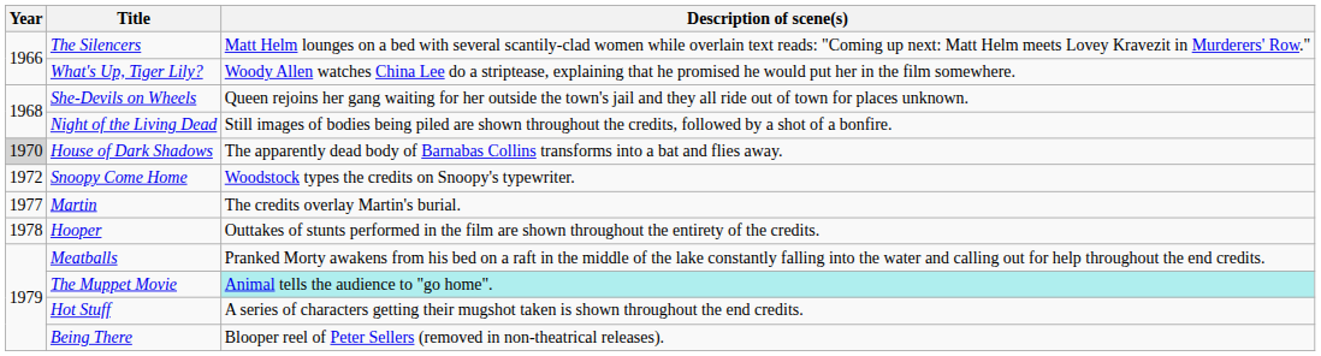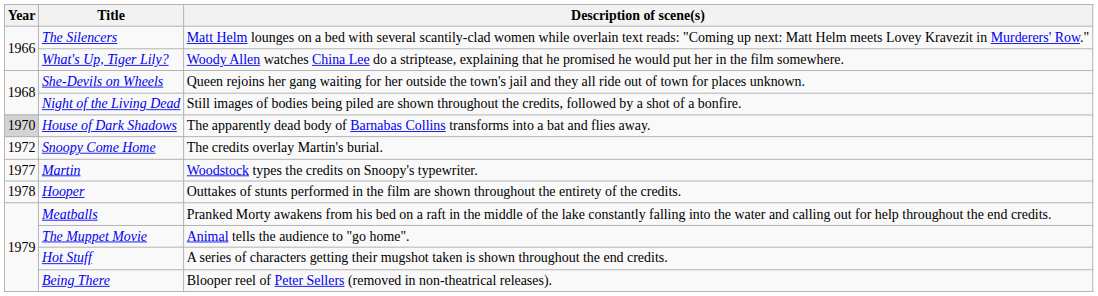 <table class="wikitable">
 <tr>
 <th>Year</th>
 <th>Title</th>
 <th>Description of scene(s)</th>
 </tr>
 <tr id="1966">
 <td rowspan="2">1966</td>
 <td><em><a href='#'>The Silencers</a></em></td>
 <td><a href='#'>Matt Helm</a> lounges on a bed with several scantily-clad women while overlain text reads: "Coming up next: Matt Helm meets Lovey Kravezit in <a href='#'>Murderers' Row</a>."</td>
 </tr>
 <tr>
 <td><em><a href='#'>What's Up, Tiger Lily?</a></em></td>
 <td><a href='#'>Woody Allen</a> watches <a href='#'>China Lee</a> do a striptease, explaining that he promised he would put her in the film somewhere.</td>
 </tr>
 <tr id="1968">
 <td rowspan="2">1968</td>
 <td><em><a href='#'>She-Devils on Wheels</a></em></td>
 <td>Queen rejoins her gang waiting for her outside the town's jail and they all ride out of town for places unknown.</td>
 </tr>
 <tr>
 <td><em><a href='#'>Night of the Living Dead</a></em></td>
 <td>Still images of bodies being piled are shown throughout the credits, followed by a shot of a bonfire.</td>
 </tr>
 <tr id="1970">
 <td style="background: lightgrey;">1970</td>
 <td><em><a href='#'>House of Dark Shadows</a></em></td>
 <td>The apparently dead body of <a href='#'>Barnabas Collins</a> transforms into a bat and flies away.</td>
 </tr>
 <tr id="1972">
 <td>1972</td>
 <td><em><a href='#'>Snoopy Come Home</a></em></td>
-<td><a href='#'>Woodstock</a> types the credits on Snoopy's typewriter.</td>
+<td>The credits overlay Martin's burial.</td>
 </tr>
 <tr id="1977">
 <td>1977</td>
 <td><em><a href='#'>Martin</a></em></td>
-<td>The credits overlay Martin's burial.</td>
+<td><a href='#'>Woodstock</a> types the credits on Snoopy's typewriter.</td>
 </tr>
 <tr id="1978">
 <td>1978</td>
 <td><em><a href='#'>Hooper</a></em></td>
 <td>Outtakes of stunts performed in the film are shown throughout the entirety of the credits.</td>
 </tr>
 <tr id="1979">
 <td rowspan="4">1979</td>
 <td><em><a href='#'>Meatballs</a></em></td>
 <td>Pranked Morty awakens from his bed on a raft in the middle of the lake constantly falling into the water and calling out for help throughout the end credits.</td>
 </tr>
 <tr>
 <td><em><a href='#'>The Muppet Movie</a></em></td>
-<td style="background: paleturquoise;"><a href='#'>Animal</a> tells the audience to "go home".</td>
+<td><a href='#'>Animal</a> tells the audience to "go home".</td>
 </tr>
 <tr>
 <td><em><a href='#'>Hot Stuff</a></em></td>
 <td>A series of characters getting their mugshot taken is shown throughout the end credits.</td>
 </tr>
 <tr>
 <td><em><a href='#'>Being There</a></em></td>
 <td>Blooper reel of <a href='#'>Peter Sellers</a> (removed in non-theatrical releases).</td>
 </tr>
 </table>
